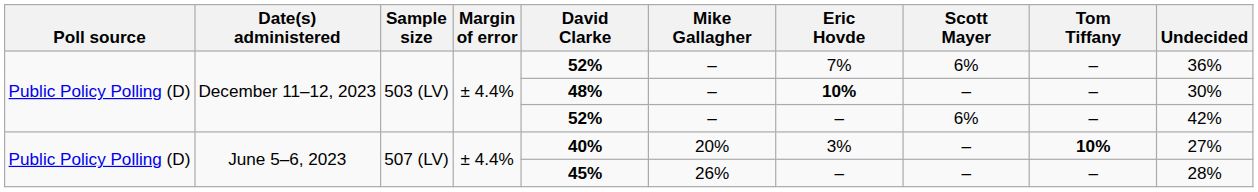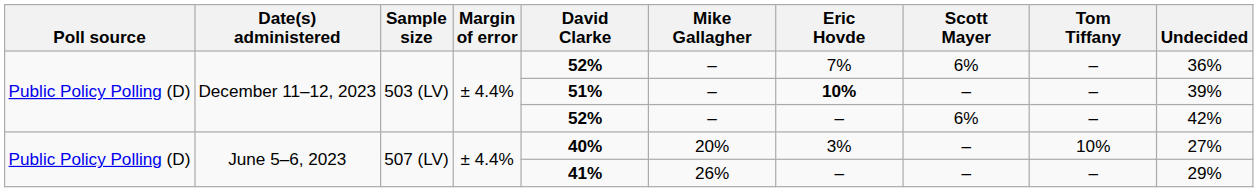 <table class="wikitable" style="font-size:90%;text-align:center;">
 <tr valign=bottom>
 <th>Poll source</th>
 <th>Date(s)<br>administered</th>
 <th>Sample<br>size</th>
 <th>Margin<br>of error</th>
 <th style="width:100px;">David<br>Clarke</th>
 <th style="width:100px;">Mike<br>Gallagher</th>
 <th style="width:100px;">Eric<br>Hovde</th>
 <th style="width:100px;">Scott<br>Mayer</th>
 <th style="width:100px;">Tom<br>Tiffany</th>
 <th>Undecided</th>
 </tr>
 <tr>
 <td style="text-align:left;" rowspan="3"><a href='#'>Public Policy Polling</a> (D)</td>
 <td rowspan="3">December 11–12, 2023</td>
 <td rowspan="3">503 (LV)</td>
 <td rowspan="3">± 4.4%</td>
 <td><strong>52%</strong></td>
 <td>–</td>
 <td>7%</td>
 <td>6%</td>
 <td>–</td>
 <td>36%</td>
 </tr>
 <tr>
-<td><strong>48%</strong></td>
+<td><strong>51%</strong></td>
 <td>–</td>
 <td><strong>10%</strong></td>
 <td>–</td>
 <td>–</td>
-<td>30%</td>
+<td>39%</td>
 </tr>
 <tr>
 <td><strong>52%</strong></td>
 <td>–</td>
 <td>–</td>
 <td>6%</td>
 <td>–</td>
 <td>42%</td>
 </tr>
 <tr>
 <td style="text-align:left;" rowspan="2"><a href='#'>Public Policy Polling</a> (D)</td>
 <td rowspan="2">June 5–6, 2023</td>
 <td rowspan="2">507 (LV)</td>
 <td rowspan="2">± 4.4%</td>
 <td><strong>40%</strong></td>
 <td>20%</td>
 <td>3%</td>
 <td>–</td>
-<td><strong>10%</strong></td>
+<td>10%</td>
 <td>27%</td>
 </tr>
 <tr>
-<td><strong>45%</strong></td>
+<td><strong>41%</strong></td>
 <td>26%</td>
 <td>–</td>
 <td>–</td>
 <td>–</td>
-<td>28%</td>
+<td>29%</td>
 </tr>
 </table>
